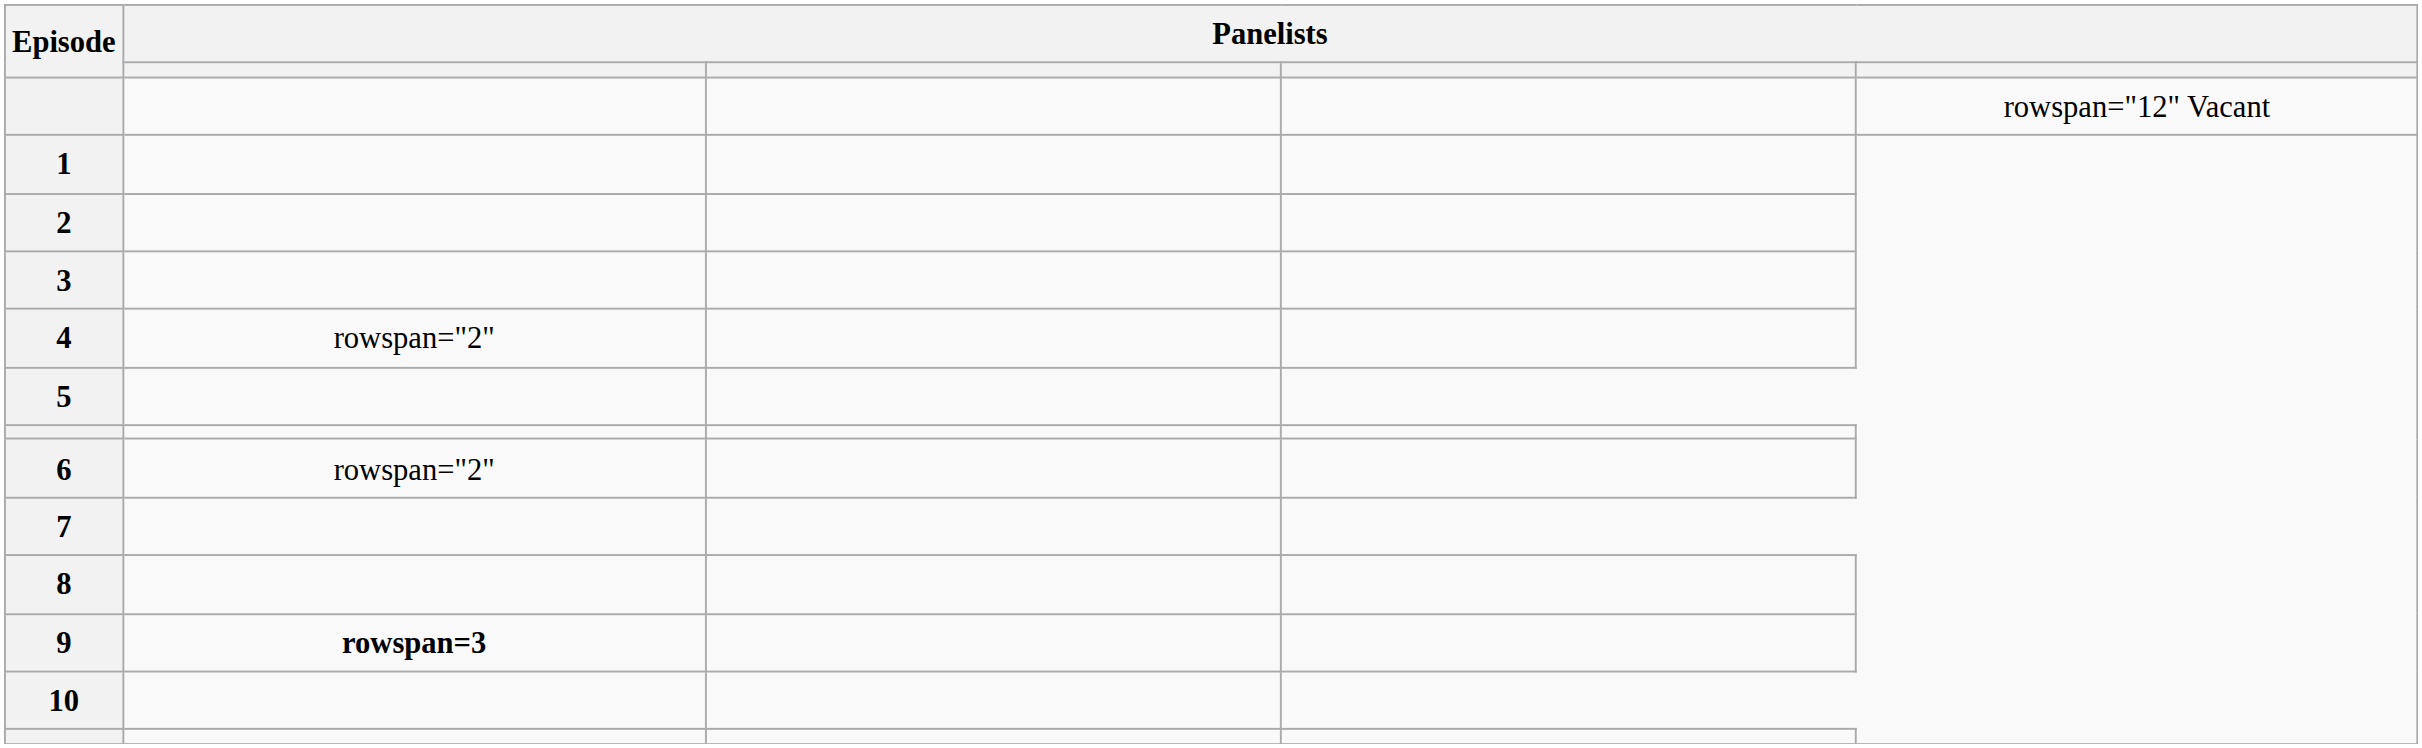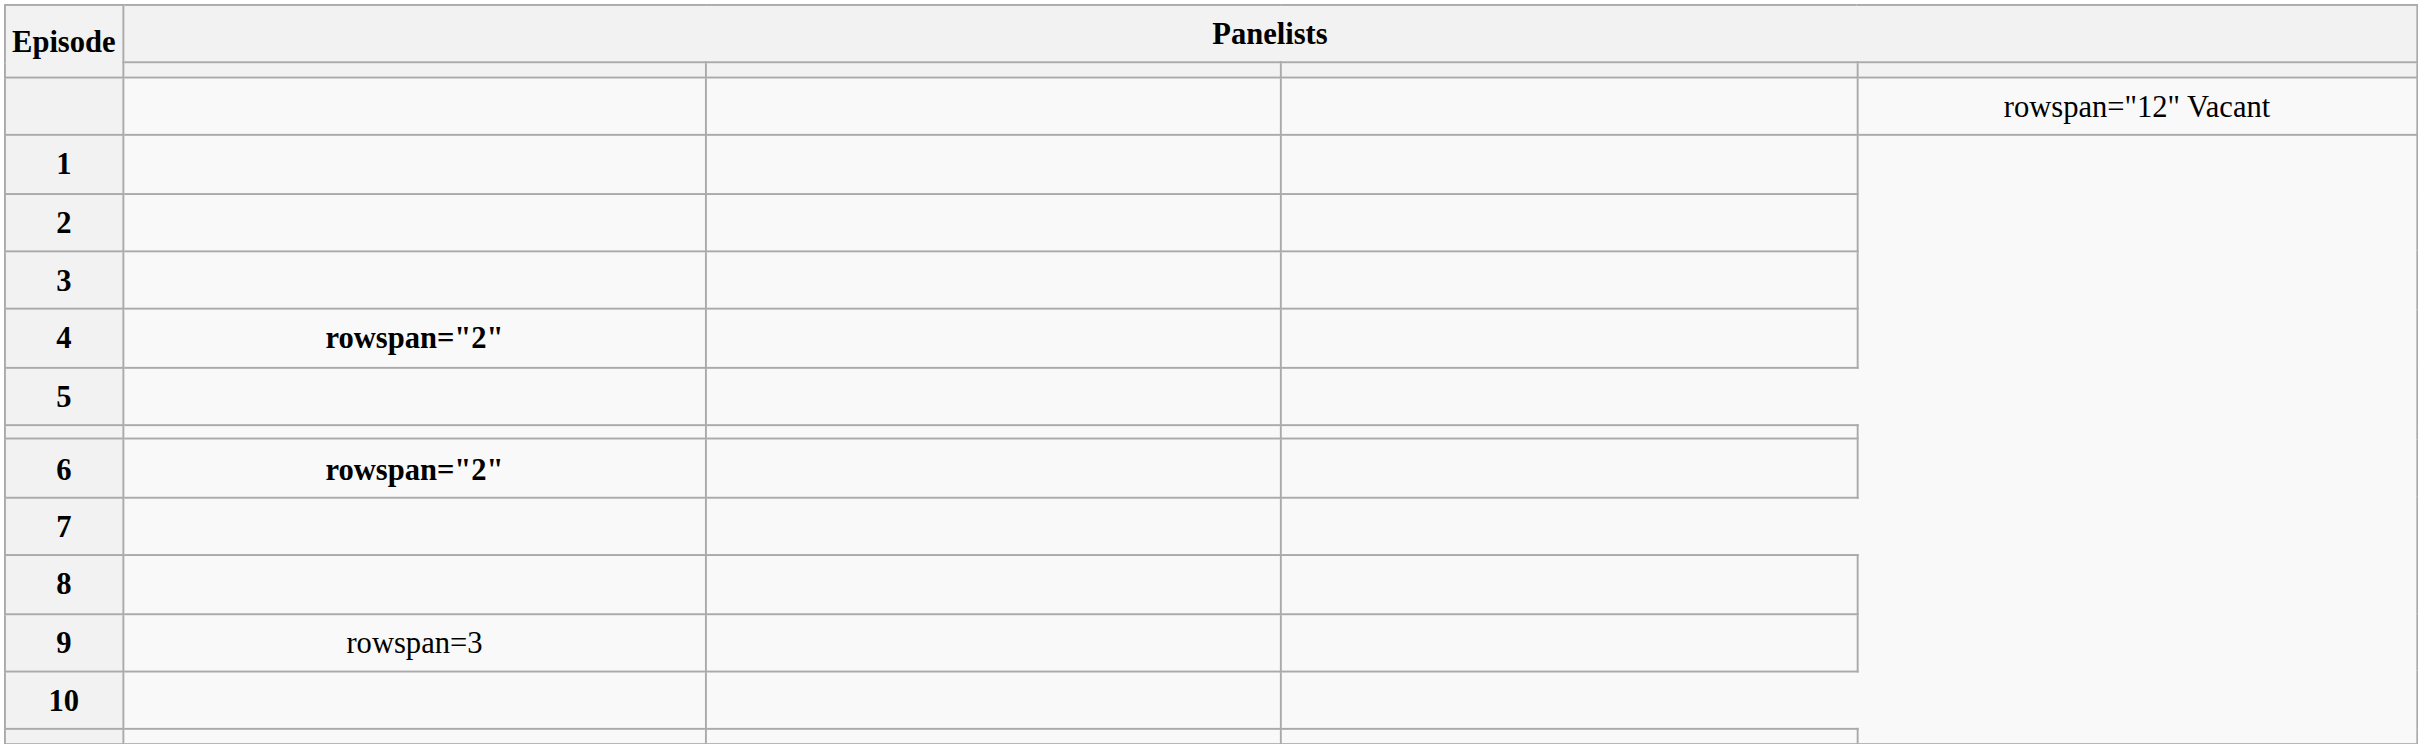 <table class="wikitable plainrowheaders mw-collapsible" style="text-align:center; line-height:23px; width:100%;">
 <tr>
 <th rowspan=2 width=1%>Episode</th>
 <th colspan=4>Panelists</th>
 </tr>
 <tr>
 <th width="25%"></th>
 <th width="25%"></th>
 <th width="25%"></th>
 <th width="25%"></th>
 </tr>
 <tr>
 <th></th>
 <td></td>
 <td></td>
 <td></td>
 <td>rowspan="12"  Vacant</td>
 </tr>
 <tr>
 <th>1</th>
 <td></td>
 <td></td>
 <td></td>
 </tr>
 <tr>
 <th>2</th>
 <td></td>
 <td></td>
 <td></td>
 </tr>
 <tr>
 <th>3</th>
 <td></td>
 <td></td>
 <td></td>
 </tr>
 <tr>
 <th>4</th>
-<td>rowspan="2" </td>
+<td><strong>rowspan="2" </strong></td>
 <td></td>
 <td></td>
 </tr>
 <tr>
 <th>5</th>
 <td></td>
 <td></td>
 </tr>
 <tr>
 <th></th>
 <td></td>
 <td></td>
 <td></td>
 </tr>
 <tr>
 <th>6</th>
-<td>rowspan="2" </td>
+<td><strong>rowspan="2" </strong></td>
 <td></td>
 <td></td>
 </tr>
 <tr>
 <th>7</th>
 <td></td>
 <td></td>
 </tr>
 <tr>
 <th>8</th>
 <td></td>
 <td></td>
 <td></td>
 </tr>
 <tr>
 <th>9</th>
-<td><strong>rowspan=3 </strong></td>
+<td>rowspan=3 </td>
 <td></td>
 <td></td>
 </tr>
 <tr>
 <th>10</th>
 <td></td>
 <td></td>
 </tr>
 <tr>
 <th></th>
 <td></td>
 <td></td>
 <td></td>
 </tr>
 </table>
